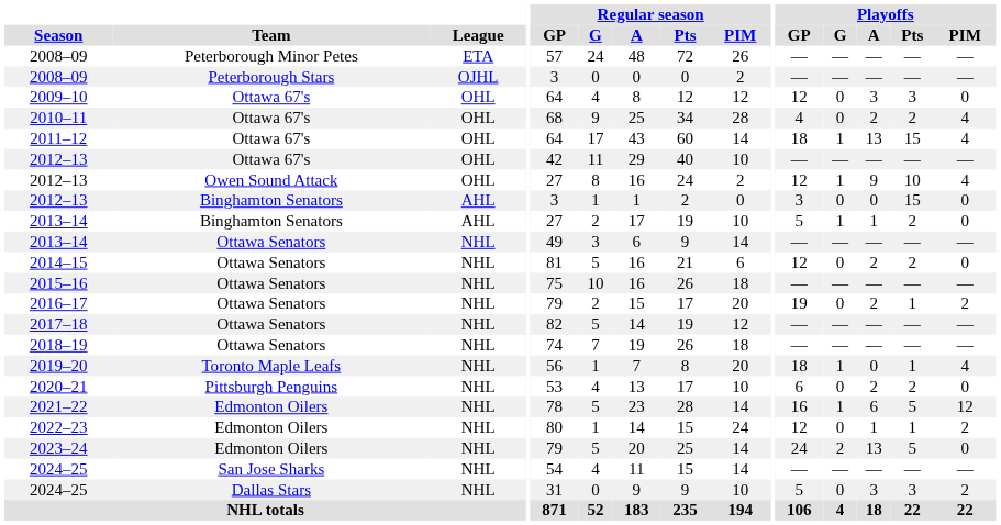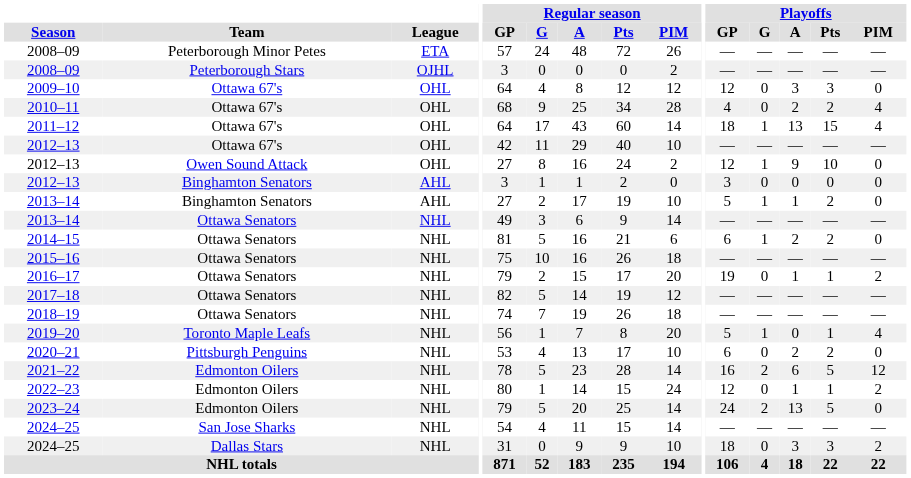 <table border="0" cellpadding="1" cellspacing="0" style="text-align:center; width:60em">
 <tr bgcolor="#e0e0e0">
 <th colspan="3" bgcolor="#ffffff"></th>
 <th rowspan="99" bgcolor="#ffffff"></th>
 <th colspan="5"><a href='#'>Regular season</a></th>
 <th rowspan="99" bgcolor="#ffffff"></th>
 <th colspan="5"><a href='#'>Playoffs</a></th>
 </tr>
 <tr bgcolor="#e0e0e0">
 <th><a href='#'>Season</a></th>
 <th>Team</th>
 <th>League</th>
 <th>GP</th>
 <th><a href='#'>G</a></th>
 <th><a href='#'>A</a></th>
 <th><a href='#'>Pts</a></th>
 <th><a href='#'>PIM</a></th>
 <th>GP</th>
 <th>G</th>
 <th>A</th>
 <th>Pts</th>
 <th>PIM</th>
 </tr>
 <tr>
 <td>2008–09</td>
 <td>Peterborough Minor Petes</td>
 <td><a href='#'>ETA</a></td>
 <td>57</td>
 <td>24</td>
 <td>48</td>
 <td>72</td>
 <td>26</td>
 <td>—</td>
 <td>—</td>
 <td>—</td>
 <td>—</td>
 <td>—</td>
 </tr>
 <tr bgcolor="#f0f0f0">
 <td><a href='#'>2008–09</a></td>
 <td><a href='#'>Peterborough Stars</a></td>
 <td><a href='#'>OJHL</a></td>
 <td>3</td>
 <td>0</td>
 <td>0</td>
 <td>0</td>
 <td>2</td>
 <td>—</td>
 <td>—</td>
 <td>—</td>
 <td>—</td>
 <td>—</td>
 </tr>
 <tr>
 <td><a href='#'>2009–10</a></td>
 <td><a href='#'>Ottawa 67's</a></td>
 <td><a href='#'>OHL</a></td>
 <td>64</td>
 <td>4</td>
 <td>8</td>
 <td>12</td>
 <td>12</td>
 <td>12</td>
 <td>0</td>
 <td>3</td>
 <td>3</td>
 <td>0</td>
 </tr>
 <tr bgcolor="#f0f0f0">
 <td><a href='#'>2010–11</a></td>
 <td>Ottawa 67's</td>
 <td>OHL</td>
 <td>68</td>
 <td>9</td>
 <td>25</td>
 <td>34</td>
 <td>28</td>
 <td>4</td>
 <td>0</td>
 <td>2</td>
 <td>2</td>
 <td>4</td>
 </tr>
 <tr>
 <td><a href='#'>2011–12</a></td>
 <td>Ottawa 67's</td>
 <td>OHL</td>
 <td>64</td>
 <td>17</td>
 <td>43</td>
 <td>60</td>
 <td>14</td>
 <td>18</td>
 <td>1</td>
 <td>13</td>
 <td>15</td>
 <td>4</td>
 </tr>
 <tr bgcolor="#f0f0f0">
 <td><a href='#'>2012–13</a></td>
 <td>Ottawa 67's</td>
 <td>OHL</td>
 <td>42</td>
 <td>11</td>
 <td>29</td>
 <td>40</td>
 <td>10</td>
 <td>—</td>
 <td>—</td>
 <td>—</td>
 <td>—</td>
 <td>—</td>
 </tr>
 <tr>
 <td>2012–13</td>
 <td><a href='#'>Owen Sound Attack</a></td>
 <td>OHL</td>
 <td>27</td>
 <td>8</td>
 <td>16</td>
 <td>24</td>
 <td>2</td>
 <td>12</td>
 <td>1</td>
 <td>9</td>
 <td>10</td>
-<td>4</td>
+<td>0</td>
 </tr>
 <tr bgcolor="#f0f0f0">
 <td><a href='#'>2012–13</a></td>
 <td><a href='#'>Binghamton Senators</a></td>
 <td><a href='#'>AHL</a></td>
 <td>3</td>
 <td>1</td>
 <td>1</td>
 <td>2</td>
 <td>0</td>
 <td>3</td>
 <td>0</td>
 <td>0</td>
-<td>15</td>
+<td>0</td>
 <td>0</td>
 </tr>
 <tr>
 <td><a href='#'>2013–14</a></td>
 <td>Binghamton Senators</td>
 <td>AHL</td>
 <td>27</td>
 <td>2</td>
 <td>17</td>
 <td>19</td>
 <td>10</td>
 <td>5</td>
 <td>1</td>
 <td>1</td>
 <td>2</td>
 <td>0</td>
 </tr>
 <tr bgcolor="#f0f0f0">
 <td><a href='#'>2013–14</a></td>
 <td><a href='#'>Ottawa Senators</a></td>
 <td><a href='#'>NHL</a></td>
 <td>49</td>
 <td>3</td>
 <td>6</td>
 <td>9</td>
 <td>14</td>
 <td>—</td>
 <td>—</td>
 <td>—</td>
 <td>—</td>
 <td>—</td>
 </tr>
 <tr>
 <td><a href='#'>2014–15</a></td>
 <td>Ottawa Senators</td>
 <td>NHL</td>
 <td>81</td>
 <td>5</td>
 <td>16</td>
 <td>21</td>
 <td>6</td>
-<td>12</td>
-<td>0</td>
+<td>6</td>
+<td>1</td>
 <td>2</td>
 <td>2</td>
 <td>0</td>
 </tr>
 <tr bgcolor="#f0f0f0">
 <td><a href='#'>2015–16</a></td>
 <td>Ottawa Senators</td>
 <td>NHL</td>
 <td>75</td>
 <td>10</td>
 <td>16</td>
 <td>26</td>
 <td>18</td>
 <td>—</td>
 <td>—</td>
 <td>—</td>
 <td>—</td>
 <td>—</td>
 </tr>
 <tr>
 <td><a href='#'>2016–17</a></td>
 <td>Ottawa Senators</td>
 <td>NHL</td>
 <td>79</td>
 <td>2</td>
 <td>15</td>
 <td>17</td>
 <td>20</td>
 <td>19</td>
 <td>0</td>
-<td>2</td>
+<td>1</td>
 <td>1</td>
 <td>2</td>
 </tr>
 <tr bgcolor="#f0f0f0">
 <td><a href='#'>2017–18</a></td>
 <td>Ottawa Senators</td>
 <td>NHL</td>
 <td>82</td>
 <td>5</td>
 <td>14</td>
 <td>19</td>
 <td>12</td>
 <td>—</td>
 <td>—</td>
 <td>—</td>
 <td>—</td>
 <td>—</td>
 </tr>
 <tr>
 <td><a href='#'>2018–19</a></td>
 <td>Ottawa Senators</td>
 <td>NHL</td>
 <td>74</td>
 <td>7</td>
 <td>19</td>
 <td>26</td>
 <td>18</td>
 <td>—</td>
 <td>—</td>
 <td>—</td>
 <td>—</td>
 <td>—</td>
 </tr>
 <tr bgcolor="#f0f0f0">
 <td><a href='#'>2019–20</a></td>
 <td><a href='#'>Toronto Maple Leafs</a></td>
 <td>NHL</td>
 <td>56</td>
 <td>1</td>
 <td>7</td>
 <td>8</td>
 <td>20</td>
-<td>18</td>
+<td>5</td>
 <td>1</td>
 <td>0</td>
 <td>1</td>
 <td>4</td>
 </tr>
 <tr>
 <td><a href='#'>2020–21</a></td>
 <td><a href='#'>Pittsburgh Penguins</a></td>
 <td>NHL</td>
 <td>53</td>
 <td>4</td>
 <td>13</td>
 <td>17</td>
 <td>10</td>
 <td>6</td>
 <td>0</td>
 <td>2</td>
 <td>2</td>
 <td>0</td>
 </tr>
 <tr bgcolor="#f0f0f0">
 <td><a href='#'>2021–22</a></td>
 <td><a href='#'>Edmonton Oilers</a></td>
 <td>NHL</td>
 <td>78</td>
 <td>5</td>
 <td>23</td>
 <td>28</td>
 <td>14</td>
 <td>16</td>
-<td>1</td>
+<td>2</td>
 <td>6</td>
 <td>5</td>
 <td>12</td>
 </tr>
 <tr>
 <td><a href='#'>2022–23</a></td>
 <td>Edmonton Oilers</td>
 <td>NHL</td>
 <td>80</td>
 <td>1</td>
 <td>14</td>
 <td>15</td>
 <td>24</td>
 <td>12</td>
 <td>0</td>
 <td>1</td>
 <td>1</td>
 <td>2</td>
 </tr>
 <tr bgcolor="#f0f0f0">
 <td><a href='#'>2023–24</a></td>
 <td>Edmonton Oilers</td>
 <td>NHL</td>
 <td>79</td>
 <td>5</td>
 <td>20</td>
 <td>25</td>
 <td>14</td>
 <td>24</td>
 <td>2</td>
 <td>13</td>
 <td>5</td>
 <td>0</td>
 </tr>
 <tr>
 <td><a href='#'>2024–25</a></td>
 <td><a href='#'>San Jose Sharks</a></td>
 <td>NHL</td>
 <td>54</td>
 <td>4</td>
 <td>11</td>
 <td>15</td>
 <td>14</td>
 <td>—</td>
 <td>—</td>
 <td>—</td>
 <td>—</td>
 <td>—</td>
 </tr>
 <tr bgcolor="#f0f0f0">
 <td>2024–25</td>
 <td><a href='#'>Dallas Stars</a></td>
 <td>NHL</td>
 <td>31</td>
 <td>0</td>
 <td>9</td>
 <td>9</td>
 <td>10</td>
-<td>5</td>
+<td>18</td>
 <td>0</td>
 <td>3</td>
 <td>3</td>
 <td>2</td>
 </tr>
 <tr bgcolor="#e0e0e0">
 <th colspan="3">NHL totals</th>
 <th>871</th>
 <th>52</th>
 <th>183</th>
 <th>235</th>
 <th>194</th>
 <th>106</th>
 <th>4</th>
 <th>18</th>
 <th>22</th>
 <th>22</th>
 </tr>
 </table>
